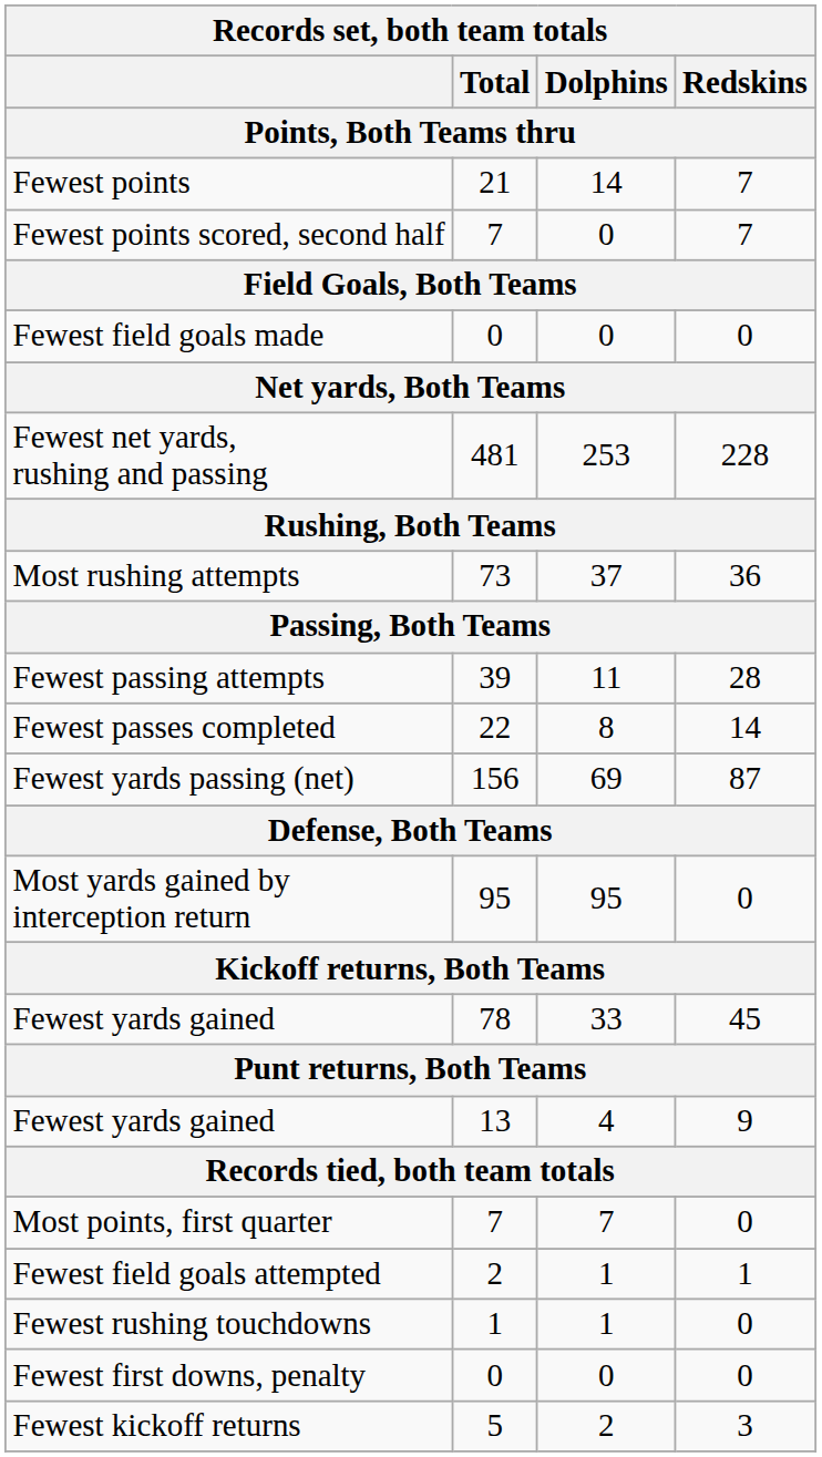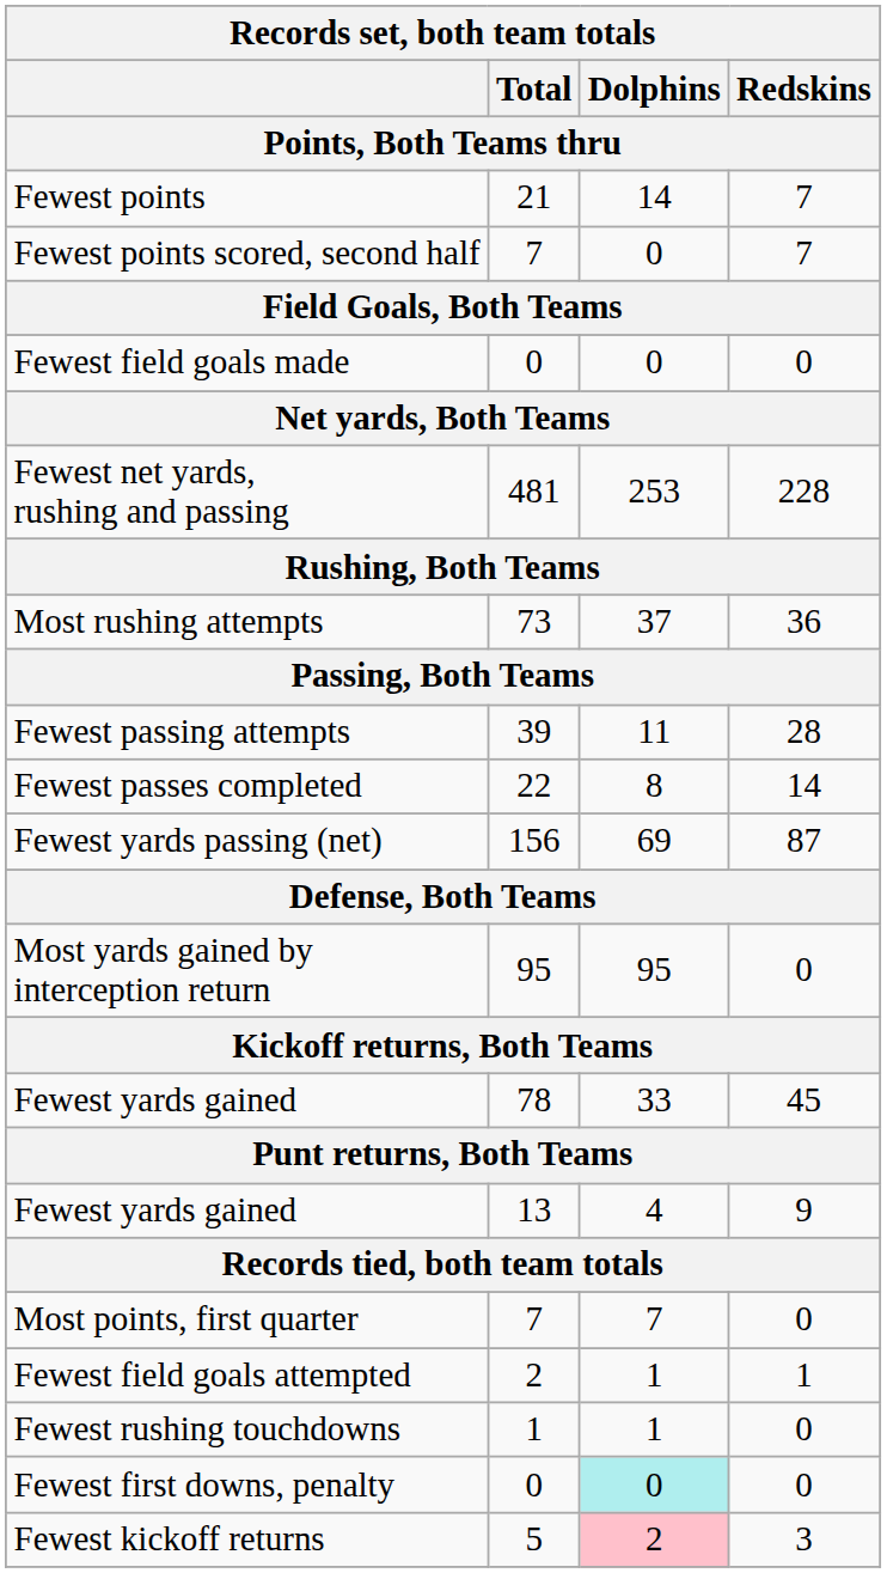 <table class="wikitable">
 <tr>
 <th colspan=4>Records set, both team totals</th>
 </tr>
 <tr>
 <th></th>
 <th>Total</th>
 <th>Dolphins</th>
 <th>Redskins</th>
 </tr>
 <tr>
 <th colspan=4>Points, Both Teams thru</th>
 </tr>
 <tr align=center>
 <td align=left>Fewest points</td>
 <td>21</td>
 <td>14</td>
 <td>7</td>
 </tr>
 <tr align=center>
 <td align=left>Fewest points scored, second half</td>
 <td>7</td>
 <td>0</td>
 <td>7</td>
 </tr>
 <tr>
 <th colspan=4>Field Goals, Both Teams</th>
 </tr>
 <tr align=center>
 <td align=left>Fewest field goals made</td>
 <td>0</td>
 <td>0</td>
 <td>0</td>
 </tr>
 <tr>
 <th colspan=4>Net yards, Both Teams</th>
 </tr>
 <tr align=center>
 <td align=left>Fewest net yards,<br> rushing and passing</td>
 <td>481</td>
 <td>253</td>
 <td>228</td>
 </tr>
 <tr>
 <th colspan=4>Rushing, Both Teams</th>
 </tr>
 <tr align=center>
 <td align=left>Most rushing attempts</td>
 <td>73</td>
 <td>37</td>
 <td>36</td>
 </tr>
 <tr>
 <th colspan=4>Passing, Both Teams</th>
 </tr>
 <tr align=center>
 <td align=left>Fewest passing attempts</td>
 <td>39</td>
 <td>11</td>
 <td>28</td>
 </tr>
 <tr align=center>
 <td align=left>Fewest passes completed</td>
 <td>22</td>
 <td>8</td>
 <td>14</td>
 </tr>
 <tr align=center>
 <td align=left>Fewest yards passing (net)</td>
 <td>156</td>
 <td>69</td>
 <td>87</td>
 </tr>
 <tr>
 <th colspan=4>Defense, Both Teams</th>
 </tr>
 <tr align=center>
 <td align=left>Most yards gained by <br>interception return</td>
 <td>95</td>
 <td>95</td>
 <td>0</td>
 </tr>
 <tr>
 <th colspan=4>Kickoff returns, Both Teams</th>
 </tr>
 <tr align=center>
 <td align=left>Fewest yards gained</td>
 <td>78</td>
 <td>33</td>
 <td>45</td>
 </tr>
 <tr>
 <th colspan=4>Punt returns, Both Teams</th>
 </tr>
 <tr align=center>
 <td align=left>Fewest yards gained</td>
 <td>13</td>
 <td>4</td>
 <td>9</td>
 </tr>
 <tr>
 <th colspan=4>Records tied, both team totals</th>
 </tr>
 <tr align=center>
 <td align=left>Most points, first quarter</td>
 <td>7</td>
 <td>7</td>
 <td>0</td>
 </tr>
 <tr align=center>
 <td align=left>Fewest field goals attempted</td>
 <td>2</td>
 <td>1</td>
 <td>1</td>
 </tr>
 <tr align=center>
 <td align=left>Fewest rushing touchdowns</td>
 <td>1</td>
 <td>1</td>
 <td>0</td>
 </tr>
 <tr align=center>
 <td align=left>Fewest first downs, penalty</td>
 <td>0</td>
-<td>0</td>
+<td style="background: paleturquoise;">0</td>
 <td>0</td>
 </tr>
 <tr align=center>
 <td align=left>Fewest kickoff returns</td>
 <td>5</td>
-<td>2</td>
+<td style="background: pink;">2</td>
 <td>3</td>
 </tr>
 </table>
